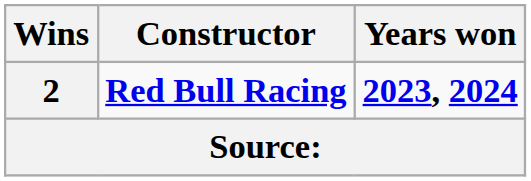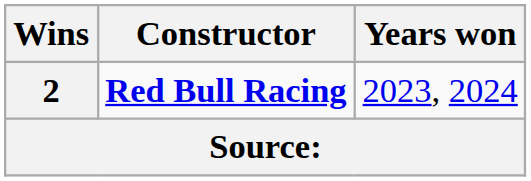 <table class="wikitable" style="font-size: 95%;">
 <tr>
 <th>Wins</th>
 <th>Constructor</th>
 <th>Years won</th>
 </tr>
 <tr>
 <th>2</th>
 <td> <strong><a href='#'>Red Bull Racing</a></strong></td>
-<td><strong><a href='#'>2023</a>, <a href='#'>2024</a></strong></td>
+<td><a href='#'>2023</a>, <a href='#'>2024</a></td>
 </tr>
 <tr>
 <th colspan=4>Source:</th>
 </tr>
 </table>
